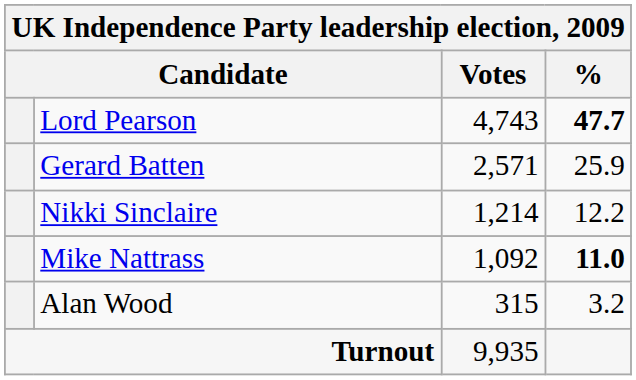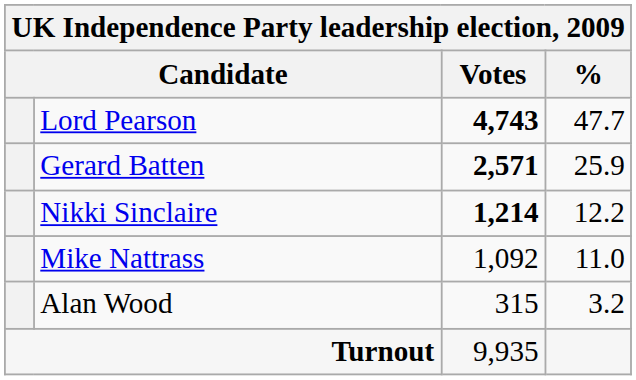 <table class="wikitable">
 <tr>
 <th colspan="4">UK Independence Party leadership election, 2009</th>
 </tr>
 <tr>
 <th colspan="2" style="width: 170px">Candidate</th>
 <th style="width: 50px">Votes</th>
 <th style="width: 40px">%</th>
 </tr>
 <tr>
 <th style="background-color: "></th>
 <td><a href='#'>Lord Pearson</a></td>
-<td align="right">4,743</td>
-<td align="right"><strong>47.7</strong></td>
+<td align="right"><strong>4,743</strong></td>
+<td align="right">47.7</td>
 </tr>
 <tr>
 <th style="background-color: "></th>
 <td><a href='#'>Gerard Batten</a></td>
-<td align="right">2,571</td>
+<td align="right"><strong>2,571</strong></td>
 <td align="right">25.9</td>
 </tr>
 <tr>
 <th style="background-color: "></th>
 <td><a href='#'>Nikki Sinclaire</a></td>
-<td align="right">1,214</td>
+<td align="right"><strong>1,214</strong></td>
 <td align="right">12.2</td>
 </tr>
 <tr>
 <th style="background-color: "></th>
 <td><a href='#'>Mike Nattrass</a></td>
 <td align="right">1,092</td>
-<td align="right"><strong>11.0</strong></td>
+<td align="right">11.0</td>
 </tr>
 <tr>
 <th style="background-color: "></th>
 <td>Alan Wood</td>
 <td align="right">315</td>
 <td align="right">3.2</td>
 </tr>
 <tr style="background-color:#F6F6F6">
 <td colspan="2" align="right"><strong>Turnout</strong></td>
 <td align="right">9,935</td>
 <td align="right"></td>
 </tr>
 </table>
